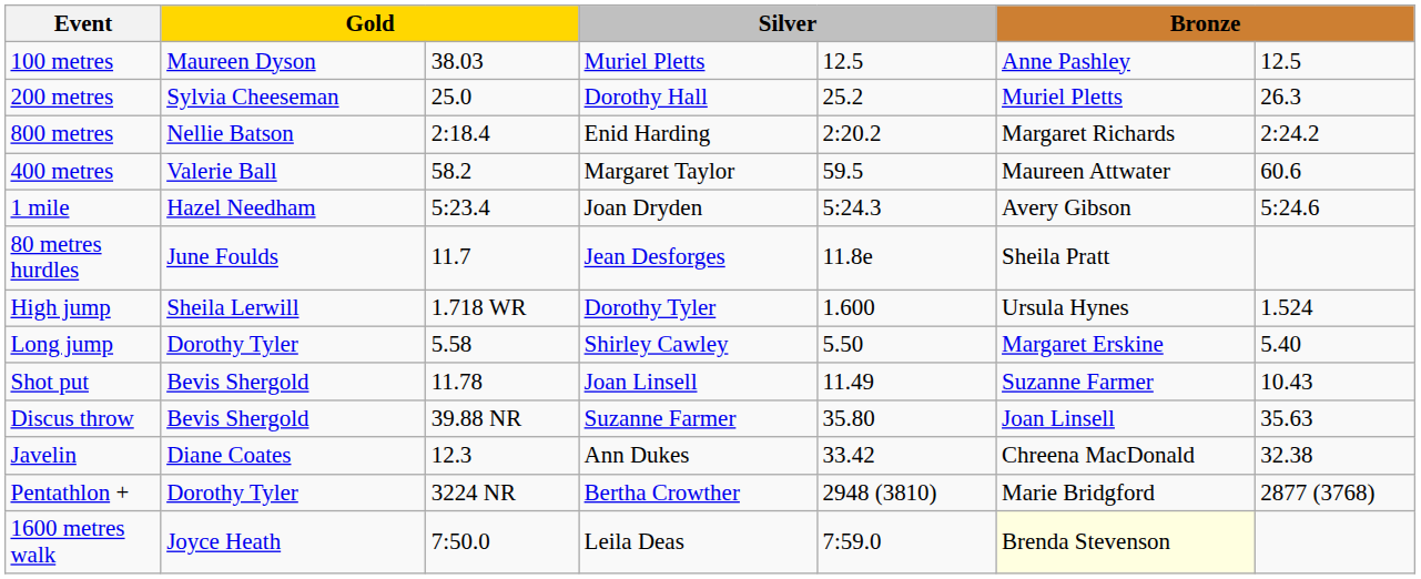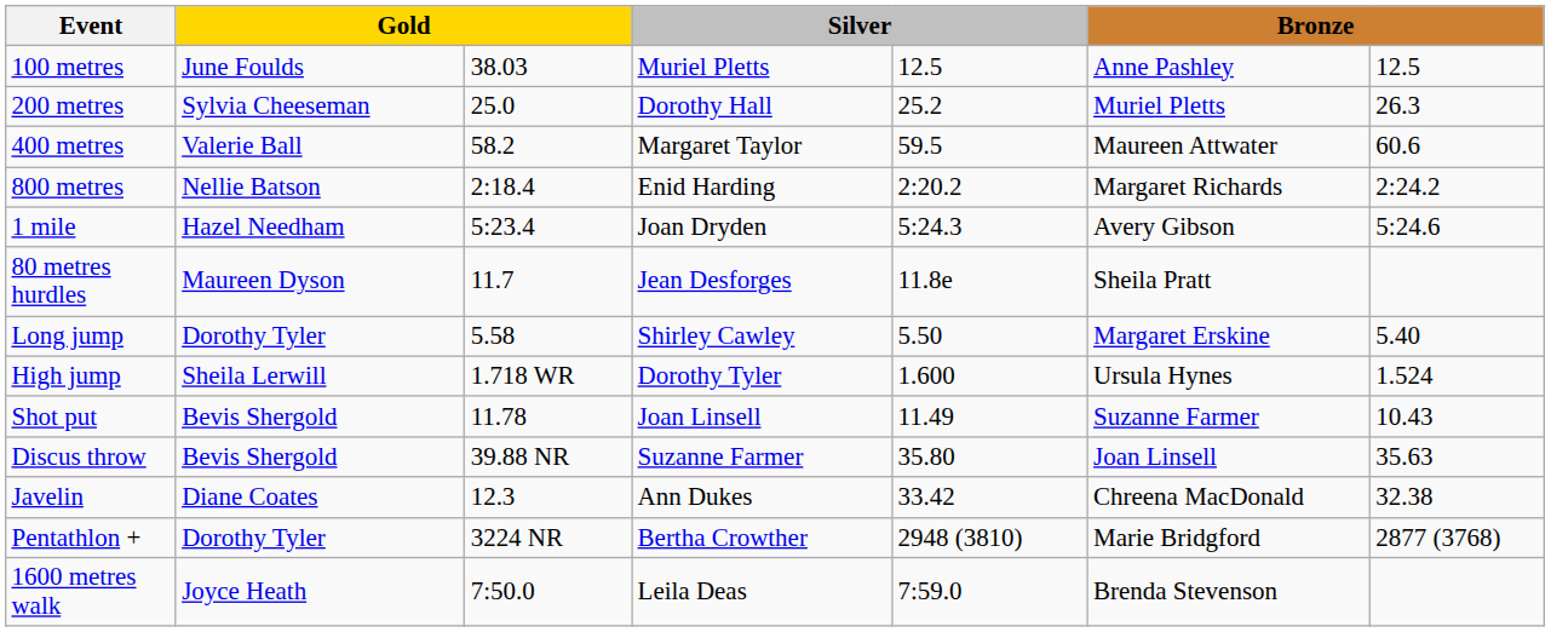 <table class="wikitable" style="text-align:left">
 <tr>
 <th width=100>Event</th>
 <th colspan="2" width="280" style="background:gold;">Gold</th>
 <th colspan="2" width="280" style="background:silver;">Silver</th>
 <th colspan="2" width="280" style="background:#CD7F32;">Bronze</th>
 </tr>
 <tr>
 <td><a href='#'>100 metres</a></td>
-<td><a href='#'>Maureen Dyson</a></td>
+<td><a href='#'>June Foulds</a></td>
 <td>38.03</td>
 <td><a href='#'>Muriel Pletts</a></td>
 <td>12.5</td>
 <td><a href='#'>Anne Pashley</a></td>
 <td>12.5</td>
 </tr>
 <tr>
 <td><a href='#'>200 metres</a></td>
 <td><a href='#'>Sylvia Cheeseman</a></td>
 <td>25.0</td>
 <td><a href='#'>Dorothy Hall</a></td>
 <td>25.2</td>
 <td><a href='#'>Muriel Pletts</a></td>
 <td>26.3</td>
 </tr>
 <tr>
+<td><a href='#'>400 metres</a></td>
+<td><a href='#'>Valerie Ball</a></td>
+<td>58.2</td>
+<td>Margaret Taylor</td>
+<td>59.5</td>
+<td>Maureen Attwater</td>
+<td>60.6</td>
+</tr>
+<tr>
 <td><a href='#'>800 metres</a></td>
 <td><a href='#'>Nellie Batson</a></td>
 <td>2:18.4</td>
 <td>Enid Harding</td>
 <td>2:20.2</td>
 <td>Margaret Richards</td>
 <td>2:24.2</td>
-</tr>
-<tr>
-<td><a href='#'>400 metres</a></td>
-<td><a href='#'>Valerie Ball</a></td>
-<td>58.2</td>
-<td>Margaret Taylor</td>
-<td>59.5</td>
-<td>Maureen Attwater</td>
-<td>60.6</td>
 </tr>
 <tr>
 <td><a href='#'>1 mile</a></td>
 <td><a href='#'>Hazel Needham</a></td>
 <td>5:23.4</td>
 <td>Joan Dryden</td>
 <td>5:24.3</td>
 <td>Avery Gibson</td>
 <td>5:24.6</td>
 </tr>
 <tr>
 <td><a href='#'>80 metres hurdles</a></td>
-<td><a href='#'>June Foulds</a></td>
+<td><a href='#'>Maureen Dyson</a></td>
 <td>11.7</td>
 <td><a href='#'>Jean Desforges</a></td>
 <td>11.8e</td>
 <td>Sheila Pratt</td>
 <td></td>
+</tr>
+<tr>
+<td><a href='#'>Long jump</a></td>
+<td><a href='#'>Dorothy Tyler</a></td>
+<td>5.58</td>
+<td><a href='#'>Shirley Cawley</a></td>
+<td>5.50</td>
+<td> <a href='#'>Margaret Erskine</a></td>
+<td>5.40</td>
 </tr>
 <tr>
 <td><a href='#'>High jump</a></td>
 <td><a href='#'>Sheila Lerwill</a></td>
 <td>1.718 WR</td>
 <td><a href='#'>Dorothy Tyler</a></td>
 <td>1.600</td>
 <td>Ursula Hynes</td>
 <td>1.524</td>
-</tr>
-<tr>
-<td><a href='#'>Long jump</a></td>
-<td><a href='#'>Dorothy Tyler</a></td>
-<td>5.58</td>
-<td><a href='#'>Shirley Cawley</a></td>
-<td>5.50</td>
-<td> <a href='#'>Margaret Erskine</a></td>
-<td>5.40</td>
 </tr>
 <tr>
 <td><a href='#'>Shot put</a></td>
 <td><a href='#'>Bevis Shergold</a></td>
 <td>11.78</td>
 <td><a href='#'>Joan Linsell</a></td>
 <td>11.49</td>
 <td><a href='#'>Suzanne Farmer</a></td>
 <td>10.43</td>
 </tr>
 <tr>
 <td><a href='#'>Discus throw</a></td>
 <td><a href='#'>Bevis Shergold</a></td>
 <td>39.88 NR</td>
 <td><a href='#'>Suzanne Farmer</a></td>
 <td>35.80</td>
 <td><a href='#'>Joan Linsell</a></td>
 <td>35.63</td>
 </tr>
 <tr>
 <td><a href='#'>Javelin</a></td>
 <td><a href='#'>Diane Coates</a></td>
 <td>12.3</td>
 <td>Ann Dukes</td>
 <td>33.42</td>
 <td>Chreena MacDonald</td>
 <td>32.38</td>
 </tr>
 <tr>
 <td><a href='#'>Pentathlon</a> +</td>
 <td><a href='#'>Dorothy Tyler</a></td>
 <td>3224 NR</td>
 <td><a href='#'>Bertha Crowther</a></td>
 <td>2948 (3810)</td>
 <td>Marie Bridgford</td>
 <td>2877 (3768)</td>
 </tr>
 <tr>
 <td><a href='#'>1600 metres walk</a></td>
 <td><a href='#'>Joyce Heath</a></td>
 <td>7:50.0</td>
 <td>Leila Deas</td>
 <td>7:59.0</td>
-<td style="background: lightyellow;">Brenda Stevenson</td>
+<td>Brenda Stevenson</td>
 <td></td>
 </tr>
 </table>
